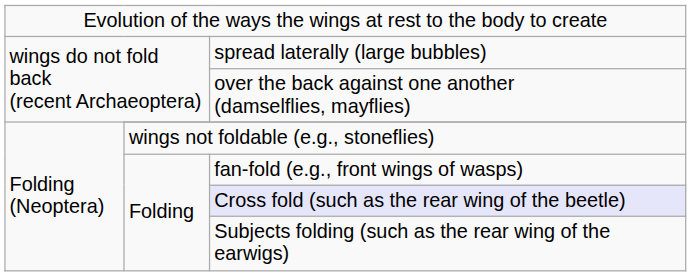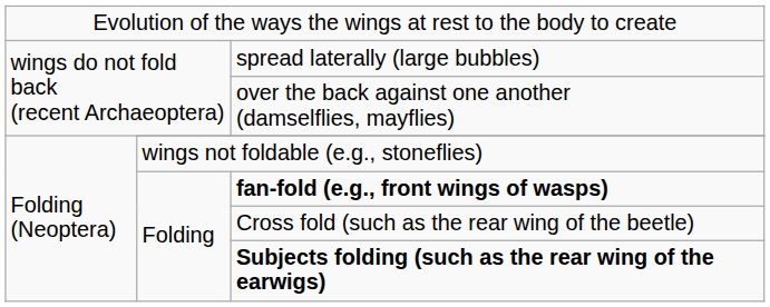 <table class="wikitable float-left" style="width:550px; float:right">
 <tr style="text-align:center; ">
 <td colspan="3">Evolution of the ways the wings at rest to the body to create</td>
 </tr>
 <tr>
 <td colspan="2" and rowspan="2">wings do not fold back <br> (recent Archaeoptera)</td>
 <td>spread laterally (large bubbles)</td>
 </tr>
 <tr>
 <td>over the back against one another <br> (damselflies, mayflies)</td>
 </tr>
 <tr>
 <td rowspan="5">Folding <br> (Neoptera)</td>
 </tr>
 <tr>
 <td colspan="2">wings not foldable (e.g., stoneflies)</td>
 </tr>
 <tr>
 <td rowspan="3">Folding</td>
-<td>fan-fold (e.g., front wings of wasps)</td>
+<td><strong>fan-fold (e.g., front wings of wasps)</strong></td>
 </tr>
 <tr>
-<td style="background: lavender;">Cross fold (such as the rear wing of the beetle)</td>
+<td>Cross fold (such as the rear wing of the beetle)</td>
 </tr>
 <tr>
-<td>Subjects folding (such as the rear wing of the earwigs)</td>
+<td><strong>Subjects folding (such as the rear wing of the earwigs)</strong></td>
 </tr>
 </table>
